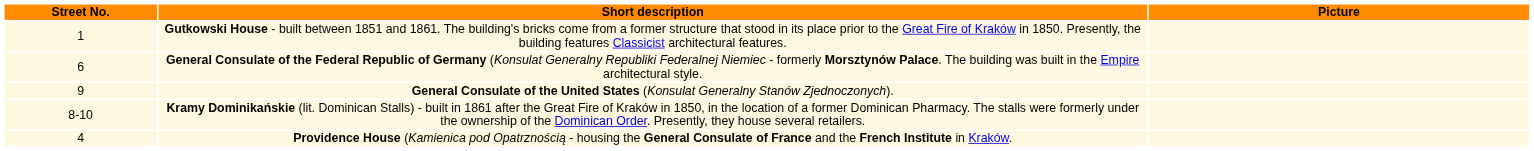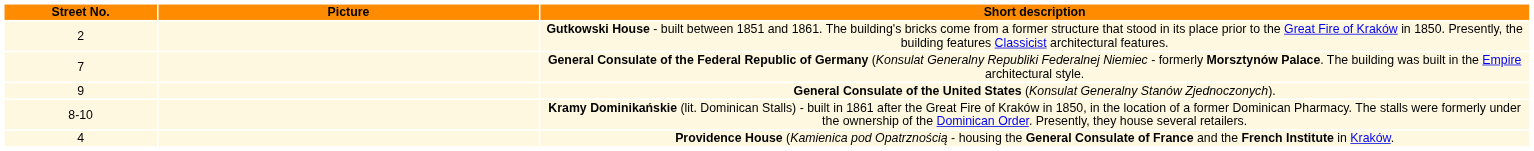 <table>
 <tr ---- bgcolor="#FF 8C 00">
 <th width=4%>Street No.</th>
+<th width=10%>Picture</th>
 <th width=26%>Short description</th>
-<th width=10%>Picture</th>
 </tr>
 <tr ---- bgcolor="#FFF8E1">
-<td align="center">1</td>
+<td align="center">2</td>
+<td align="center"></td>
 <td align="center"><strong>Gutkowski House</strong> - built between 1851 and 1861. The building's bricks come from a former structure that stood in its place prior to the <a href='#'>Great Fire of Kraków</a> in 1850. Presently, the building features <a href='#'>Classicist</a> architectural features.</td>
-<td align="center"></td>
 </tr>
 <tr ---- bgcolor="#FFF8E1">
-<td align="center">6</td>
+<td align="center">7</td>
+<td align="center"></td>
 <td align="center"><strong>General Consulate of the Federal Republic of Germany</strong> (<em>Konsulat Generalny Republiki Federalnej Niemiec</em> - formerly <strong>Morsztynów Palace</strong>. The building was built in the <a href='#'>Empire</a> architectural style.</td>
-<td align="center"></td>
 </tr>
 <tr ---- bgcolor="#FFF8E1">
 <td align="center">9</td>
+<td align="center"></td>
 <td align="center"><strong>General Consulate of the United States</strong> (<em>Konsulat Generalny Stanów Zjednoczonych</em>).</td>
-<td align="center"></td>
 </tr>
 <tr ---- bgcolor="#FFF8E1">
 <td align="center">8-10</td>
+<td align="center"></td>
 <td align="center"><strong>Kramy Dominikańskie</strong> (lit. Dominican Stalls) - built in 1861 after the Great Fire of Kraków in 1850, in the location of a former Dominican Pharmacy. The stalls were formerly under the ownership of the <a href='#'>Dominican Order</a>. Presently, they house several retailers.</td>
-<td align="center"></td>
 </tr>
 <tr ---- bgcolor="#FFF8E1">
 <td align="center">4</td>
+<td align="center"></td>
 <td align="center"><strong>Providence House</strong> (<em>Kamienica pod Opatrznością</em> - housing the <strong>General Consulate of France</strong> and the <strong>French Institute</strong> in <a href='#'>Kraków</a>.</td>
-<td align="center"></td>
 </tr>
 </table>
